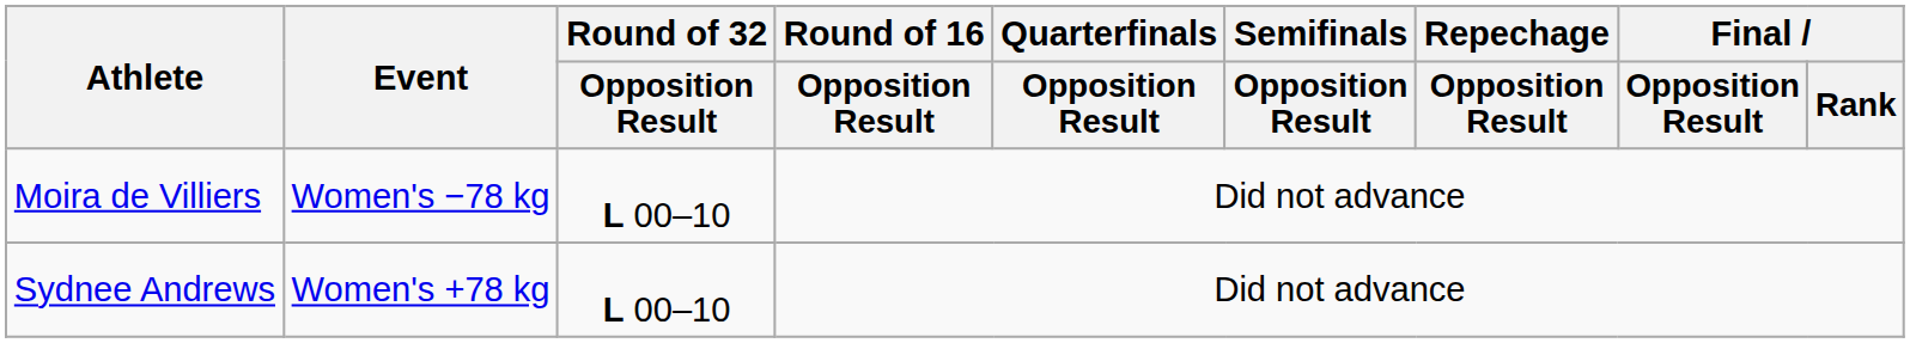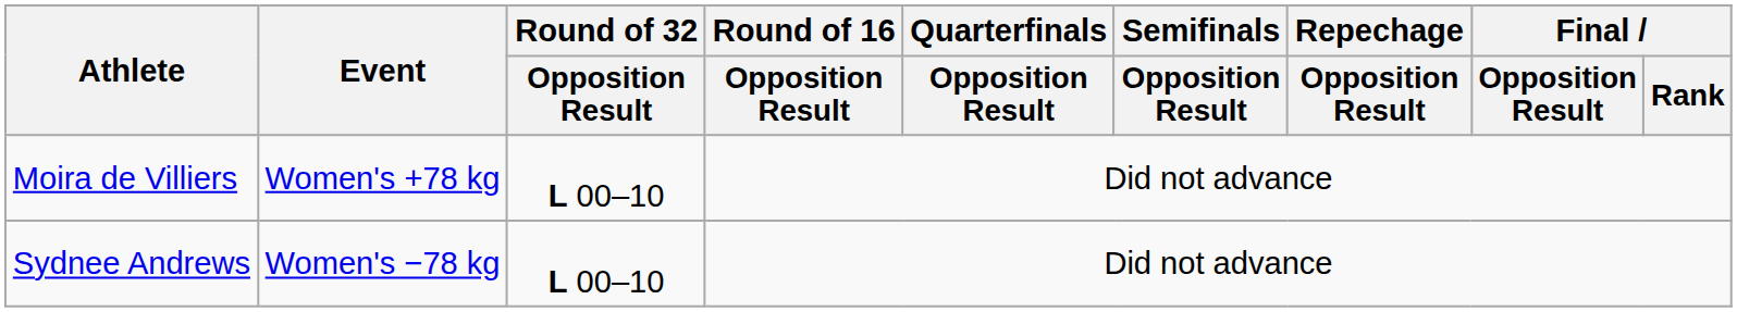 <table class=wikitable style=font-size:90%;text-align:center>
 <tr>
 <th rowspan=2>Athlete</th>
 <th rowspan=2>Event</th>
 <th>Round of 32</th>
 <th>Round of 16</th>
 <th>Quarterfinals</th>
 <th>Semifinals</th>
 <th>Repechage</th>
 <th colspan=2>Final / </th>
 </tr>
 <tr style=font-size:95%>
 <th>Opposition<br>Result</th>
 <th>Opposition<br>Result</th>
 <th>Opposition<br>Result</th>
 <th>Opposition<br>Result</th>
 <th>Opposition<br>Result</th>
 <th>Opposition<br>Result</th>
 <th>Rank</th>
 </tr>
 <tr>
 <td align=left><a href='#'>Moira de Villiers</a></td>
-<td align=left><a href='#'>Women's −78 kg</a></td>
+<td align=left><a href='#'>Women's +78 kg</a></td>
 <td><br><strong>L</strong> 00–10</td>
 <td colspan=6>Did not advance</td>
 </tr>
 <tr>
 <td align=left><a href='#'>Sydnee Andrews</a></td>
-<td align=left><a href='#'>Women's +78 kg</a></td>
+<td align=left><a href='#'>Women's −78 kg</a></td>
 <td><br><strong>L</strong> 00–10</td>
 <td colspan=6>Did not advance</td>
 </tr>
 </table>
